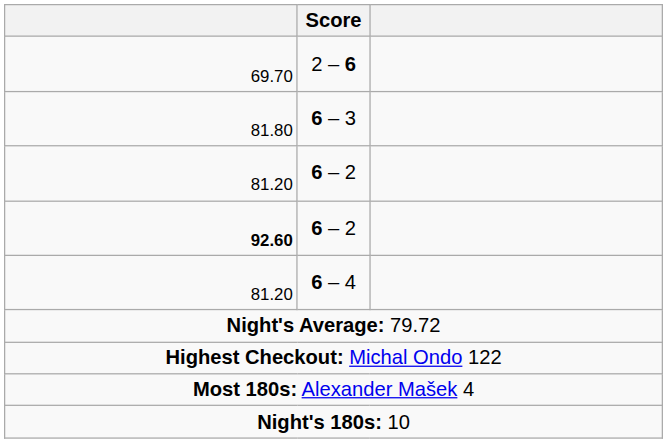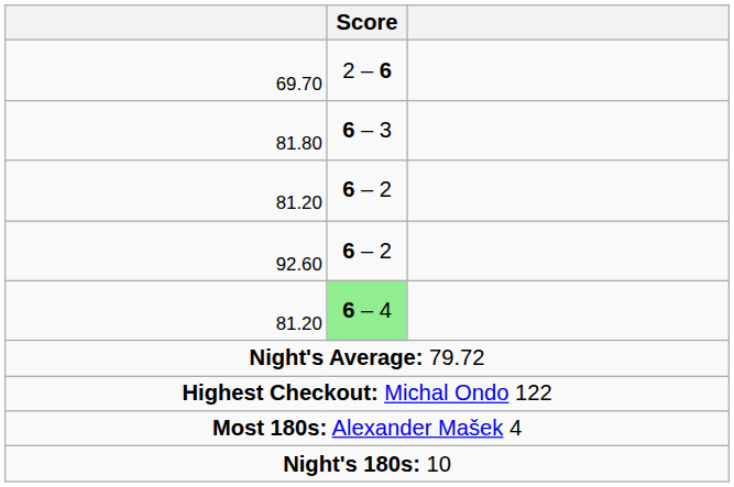 <table class="wikitable" style="text-align:center">
 <tr>
 <th style="width:225px;"></th>
 <th style="width:50px;">Score </th>
 <th style="width:225px;"></th>
 </tr>
 <tr style="text-align:left;">
 <td align=right> <br> <small><span>69.70</span></small></td>
 <td align=center>2 – <strong>6</strong></td>
 <td></td>
 </tr>
 <tr style="text-align:left;">
 <td align=right> <br> <small><span>81.80</span></small></td>
 <td align=center><strong>6</strong> – 3</td>
 <td></td>
 </tr>
 <tr style="text-align:left;">
 <td align=right> <br> <small><span>81.20</span></small></td>
 <td align=center><strong>6</strong> – 2</td>
 <td></td>
 </tr>
 <tr style="text-align:left;">
-<td align=right><strong> <br> <small><span>92.60</span></small></strong></td>
+<td align=right> <br> <small><span>92.60</span></small></td>
 <td align=center><strong>6</strong> – 2</td>
 <td></td>
 </tr>
 <tr style="text-align:left;">
 <td align=right> <br> <small><span>81.20</span></small></td>
-<td align=center><strong>6</strong> – 4</td>
+<td align=center style="background: lightgreen;"><strong>6</strong> – 4</td>
 <td></td>
 </tr>
 <tr style="text-align:center;">
 <td colspan="3"><strong>Night's Average:</strong> 79.72</td>
 </tr>
 <tr style="text-align:center;">
 <td colspan="3"><strong>Highest Checkout:</strong>  <a href='#'>Michal Ondo</a> 122</td>
 </tr>
 <tr style="text-align:center;">
 <td colspan="3"><strong>Most 180s:</strong>   <a href='#'>Alexander Mašek</a> 4</td>
 </tr>
 <tr style="text-align:center;">
 <td colspan="3"><strong>Night's 180s:</strong> 10</td>
 </tr>
 </table>
